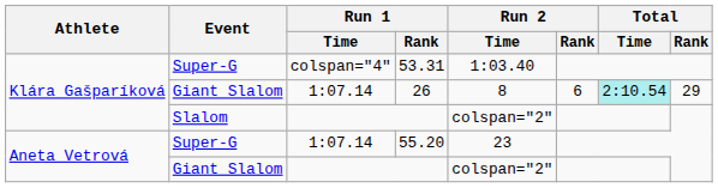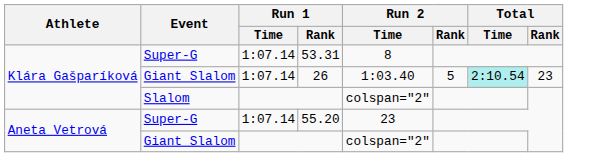 <table class="wikitable" style="font-size:90%">
 <tr>
 <th rowspan=2>Athlete</th>
 <th rowspan=2>Event</th>
 <th colspan=2>Run 1</th>
 <th colspan=2>Run 2</th>
 <th colspan=2>Total</th>
 </tr>
 <tr style="font-size:95%">
 <th>Time</th>
 <th>Rank</th>
 <th>Time</th>
 <th>Rank</th>
 <th>Time</th>
 <th>Rank</th>
 </tr>
 <tr align=center>
 <td rowspan="3" align="left"><a href='#'>Klára Gašparíková</a></td>
 <td align="left"><a href='#'>Super-G</a></td>
-<td>colspan="4"</td>
+<td>1:07.14</td>
 <td>53.31</td>
-<td>1:03.40</td>
+<td>8</td>
 </tr>
 <tr align=center>
 <td align="left"><a href='#'>Giant Slalom</a></td>
 <td>1:07.14</td>
 <td>26</td>
-<td>8</td>
-<td>6</td>
+<td>1:03.40</td>
+<td>5</td>
 <td style="background: paleturquoise;">2:10.54</td>
-<td>29</td>
+<td>23</td>
 </tr>
 <tr align=center>
 <td align="left"><a href='#'>Slalom</a></td>
 <td colspan="2"></td>
 <td>colspan="2" </td>
 <td colspan="2"></td>
 </tr>
 <tr align=center>
 <td rowspan="2" align="left"><a href='#'>Aneta Vetrová</a></td>
 <td align="left"><a href='#'>Super-G</a></td>
 <td>1:07.14</td>
 <td>55.20</td>
 <td>23</td>
 </tr>
 <tr align=center>
 <td align="left"><a href='#'>Giant Slalom</a></td>
 <td colspan="2"></td>
 <td>colspan="2" </td>
 <td colspan="2"></td>
 </tr>
 </table>
